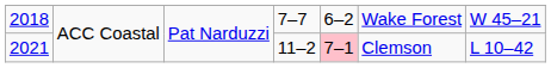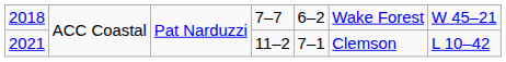 <table class="wikitable">
 <tr>
 </tr>
 <tr>
 <td><a href='#'>2018</a></td>
 <td rowspan="2">ACC Coastal</td>
 <td rowspan="2"><a href='#'>Pat Narduzzi</a></td>
 <td>7–7</td>
 <td>6–2</td>
 <td><a href='#'>Wake Forest</a></td>
 <td><a href='#'>W 45–21</a></td>
 </tr>
 <tr>
 <td><a href='#'>2021</a></td>
 <td>11–2</td>
-<td style="background: pink;">7–1</td>
+<td>7–1</td>
 <td><a href='#'>Clemson</a></td>
 <td><a href='#'>L 10–42</a></td>
 </tr>
 </table>
